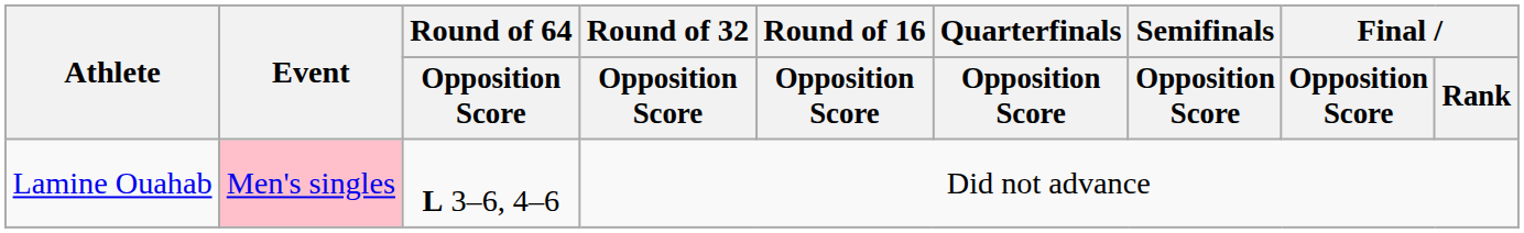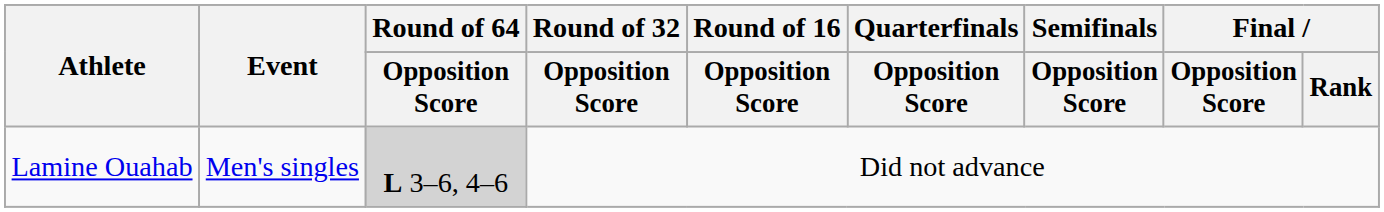 <table class=wikitable style="font-size:90%">
 <tr>
 <th rowspan="2">Athlete</th>
 <th rowspan="2">Event</th>
 <th>Round of 64</th>
 <th>Round of 32</th>
 <th>Round of 16</th>
 <th>Quarterfinals</th>
 <th>Semifinals</th>
 <th colspan=2>Final / </th>
 </tr>
 <tr style="font-size:95%">
 <th>Opposition<br>Score</th>
 <th>Opposition<br>Score</th>
 <th>Opposition<br>Score</th>
 <th>Opposition<br>Score</th>
 <th>Opposition<br>Score</th>
 <th>Opposition<br>Score</th>
 <th>Rank</th>
 </tr>
 <tr align=center>
 <td align=left><a href='#'>Lamine Ouahab</a></td>
-<td align=left style="background: pink;"><a href='#'>Men's singles</a></td>
-<td><br><strong>L</strong> 3–6, 4–6</td>
+<td align=left><a href='#'>Men's singles</a></td>
+<td style="background: lightgrey;"><br><strong>L</strong> 3–6, 4–6</td>
 <td colspan=6>Did not advance</td>
 </tr>
 </table>
